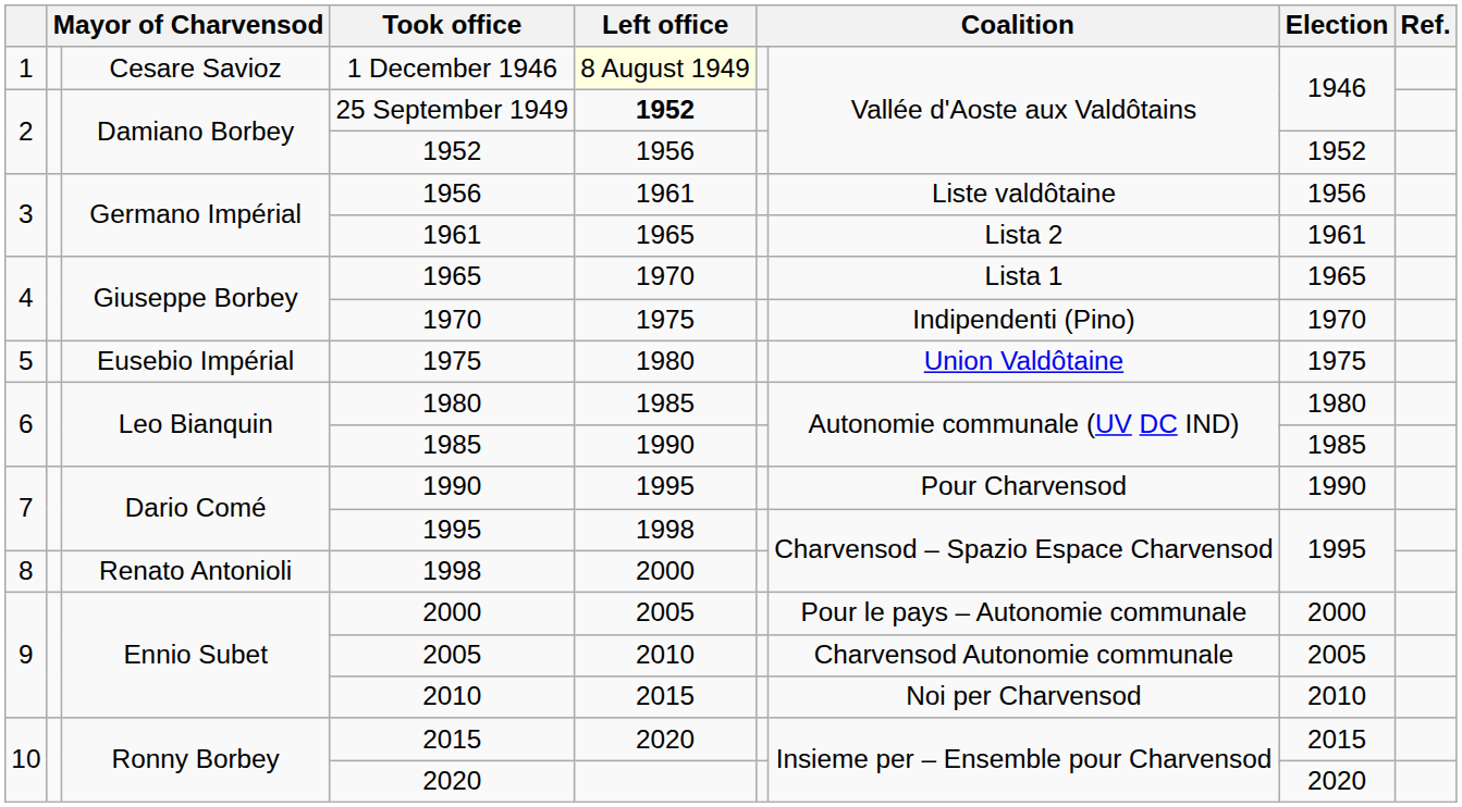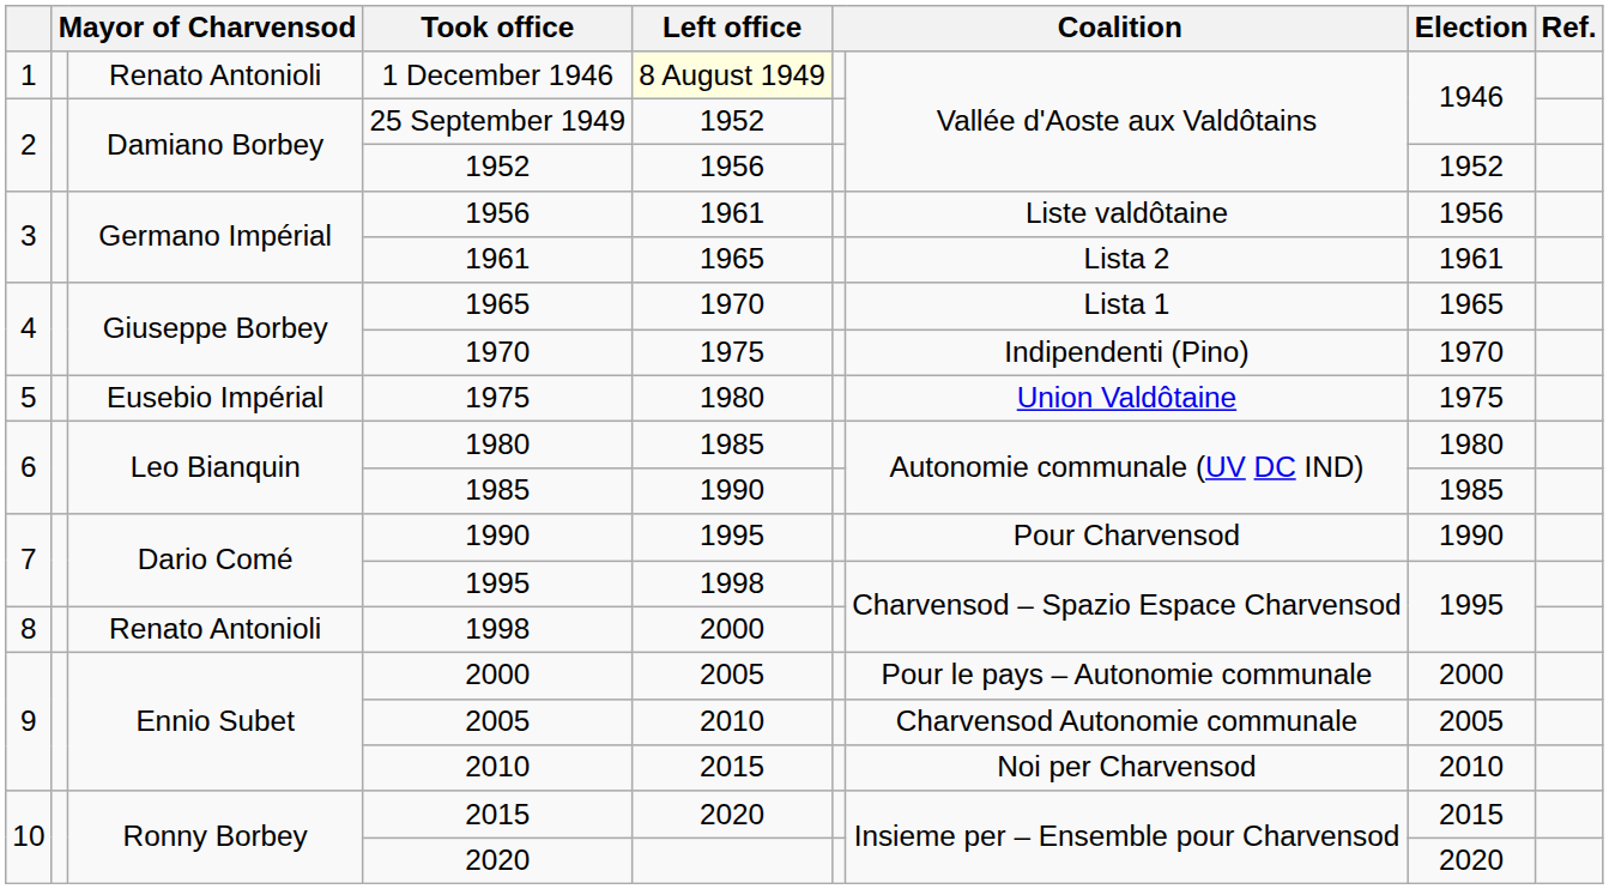 <table class="wikitable" style="text-align: center;">
 <tr>
 <th></th>
 <th colspan="2">Mayor of Charvensod</th>
 <th>Took office</th>
 <th>Left office</th>
 <th colspan="2">Coalition</th>
 <th>Election</th>
 <th>Ref.</th>
 </tr>
 <tr>
 <td rowspan="1">1</td>
 <td></td>
-<td>Cesare Savioz</td>
+<td>Renato Antonioli</td>
 <td>1 December 1946</td>
 <td style="background: lightyellow;">8 August 1949</td>
 <td style="background: "></td>
 <td rowspan="3">Vallée d'Aoste aux Valdôtains</td>
 <td rowspan="2">1946</td>
 <td></td>
 </tr>
 <tr>
 <td rowspan="2">2</td>
 <td rowspan="2"></td>
 <td rowspan="2">Damiano Borbey</td>
 <td>25 September 1949</td>
-<td><strong>1952</strong></td>
+<td>1952</td>
 <td style="background: "></td>
 <td></td>
 </tr>
 <tr>
 <td>1952</td>
 <td>1956</td>
 <td style="background: "></td>
 <td>1952</td>
 <td></td>
 </tr>
 <tr>
 <td rowspan="2">3</td>
 <td rowspan="2"></td>
 <td rowspan="2">Germano Impérial</td>
 <td>1956</td>
 <td>1961</td>
 <td style="background: "></td>
 <td>Liste valdôtaine</td>
 <td>1956</td>
 <td></td>
 </tr>
 <tr>
 <td>1961</td>
 <td>1965</td>
 <td style="background: "></td>
 <td>Lista 2</td>
 <td>1961</td>
 <td></td>
 </tr>
 <tr>
 <td rowspan="2">4</td>
 <td rowspan="2"></td>
 <td rowspan="2">Giuseppe Borbey</td>
 <td>1965</td>
 <td>1970</td>
 <td style="background: "></td>
 <td>Lista 1</td>
 <td>1965</td>
 <td></td>
 </tr>
 <tr>
 <td>1970</td>
 <td>1975</td>
 <td style="background: "></td>
 <td>Indipendenti (Pino)</td>
 <td>1970</td>
 <td></td>
 </tr>
 <tr>
 <td>5</td>
 <td></td>
 <td>Eusebio Impérial</td>
 <td>1975</td>
 <td>1980</td>
 <td style="background: "></td>
 <td><a href='#'>Union Valdôtaine</a></td>
 <td>1975</td>
 <td></td>
 </tr>
 <tr>
 <td rowspan="2">6</td>
 <td rowspan="2"></td>
 <td rowspan="2">Leo Bianquin</td>
 <td>1980</td>
 <td>1985</td>
 <td style="background: "></td>
 <td rowspan="2">Autonomie communale (<a href='#'>UV</a> <a href='#'>DC</a> IND)</td>
 <td>1980</td>
 <td></td>
 </tr>
 <tr>
 <td>1985</td>
 <td>1990</td>
 <td style="background: "></td>
 <td>1985</td>
 <td></td>
 </tr>
 <tr>
 <td rowspan="2">7</td>
 <td rowspan="2"></td>
 <td rowspan="2">Dario Comé</td>
 <td>1990</td>
 <td>1995</td>
 <td style="background: "></td>
 <td>Pour Charvensod</td>
 <td>1990</td>
 <td></td>
 </tr>
 <tr>
 <td>1995</td>
 <td>1998</td>
 <td style="background: "></td>
 <td rowspan="2">Charvensod  – Spazio Espace Charvensod</td>
 <td rowspan="2">1995</td>
 <td></td>
 </tr>
 <tr>
 <td>8</td>
 <td></td>
 <td>Renato Antonioli</td>
 <td>1998</td>
 <td>2000</td>
 <td style="background: "></td>
 <td></td>
 </tr>
 <tr>
 <td rowspan="3">9</td>
 <td rowspan="3"></td>
 <td rowspan="3">Ennio Subet</td>
 <td>2000</td>
 <td>2005</td>
 <td style="background: "></td>
 <td>Pour le pays – Autonomie communale</td>
 <td>2000</td>
 <td></td>
 </tr>
 <tr>
 <td>2005</td>
 <td>2010</td>
 <td style="background: "></td>
 <td>Charvensod Autonomie communale</td>
 <td>2005</td>
 <td></td>
 </tr>
 <tr>
 <td>2010</td>
 <td>2015</td>
 <td style="background: "></td>
 <td>Noi per Charvensod</td>
 <td>2010</td>
 <td></td>
 </tr>
 <tr>
 <td rowspan="2">10</td>
 <td rowspan="2"></td>
 <td rowspan="2">Ronny Borbey</td>
 <td>2015</td>
 <td>2020</td>
 <td style="background: "></td>
 <td rowspan="2">Insieme per – Ensemble pour Charvensod</td>
 <td>2015</td>
 <td></td>
 </tr>
 <tr>
 <td>2020</td>
 <td></td>
 <td style="background: "></td>
 <td>2020</td>
 <td></td>
 </tr>
 </table>
